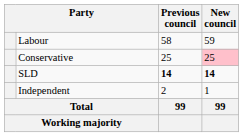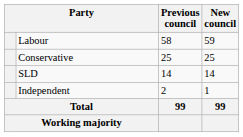 <table class="wikitable">
 <tr>
 <th valign=top colspan="2" style="width: 230px">Party</th>
 <th valign=top style="width: 30px">Previous council</th>
 <th valign=top style="width: 30px">New council</th>
 </tr>
 <tr>
 <th style="background-color: "></th>
 <td>Labour</td>
 <td>58</td>
 <td>59</td>
 </tr>
 <tr>
 <th style="background-color: "></th>
 <td>Conservative</td>
 <td>25</td>
-<td style="background: pink;">25</td>
+<td>25</td>
 </tr>
 <tr>
 <th style="background-color: "></th>
 <td>SLD</td>
-<td><strong>14</strong></td>
-<td><strong>14</strong></td>
+<td>14</td>
+<td>14</td>
 </tr>
 <tr>
 <th style="background-color: "></th>
 <td>Independent</td>
 <td>2</td>
 <td>1</td>
 </tr>
 <tr>
 <th colspan=2>Total</th>
 <th style="text-align: center">99</th>
 <th colspan=3>99</th>
 </tr>
 <tr>
 <th colspan=2>Working majority</th>
 <th></th>
 <th></th>
 </tr>
 </table>
